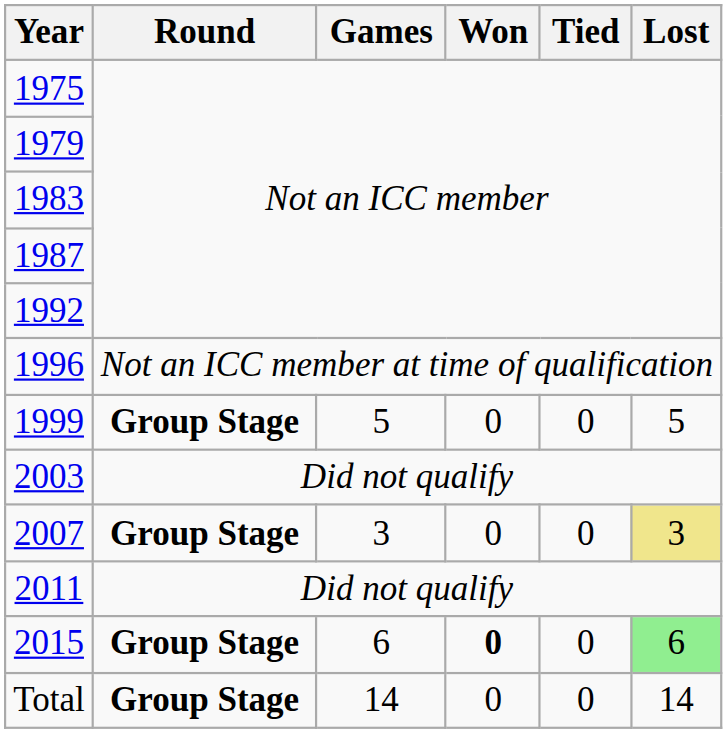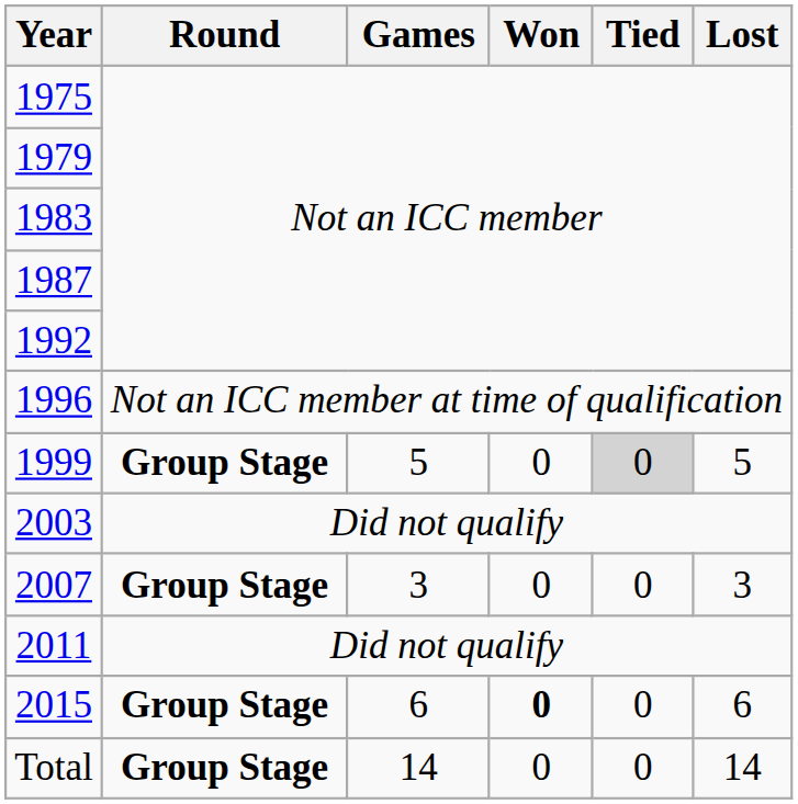 <table class="wikitable" style="text-align: center;">
 <tr>
 <th>Year</th>
 <th>Round</th>
 <th>Games</th>
 <th>Won</th>
 <th>Tied</th>
 <th>Lost</th>
 </tr>
 <tr>
 <td><a href='#'>1975</a></td>
 <td colspan="7" rowspan="5"><em>Not an ICC member</em></td>
 </tr>
 <tr>
 <td><a href='#'>1979</a></td>
 </tr>
 <tr>
 <td><a href='#'>1983</a></td>
 </tr>
 <tr>
 <td><a href='#'>1987</a></td>
 </tr>
 <tr>
 <td><a href='#'>1992</a></td>
 </tr>
 <tr>
 <td><a href='#'>1996</a></td>
 <td colspan="7"><em>Not an ICC member at time of qualification</em></td>
 </tr>
 <tr>
 <td><a href='#'>1999</a></td>
 <td><strong>Group Stage</strong></td>
 <td>5</td>
 <td>0</td>
-<td>0</td>
+<td style="background: lightgrey;">0</td>
 <td>5</td>
 </tr>
 <tr>
 <td><a href='#'>2003</a></td>
 <td colspan="7"><em>Did not qualify</em></td>
 </tr>
 <tr>
 <td><a href='#'>2007</a></td>
 <td><strong>Group Stage</strong></td>
 <td>3</td>
 <td>0</td>
 <td>0</td>
-<td style="background: khaki;">3</td>
+<td>3</td>
 </tr>
 <tr>
 <td><a href='#'>2011</a></td>
 <td colspan="7"><em>Did not qualify</em></td>
 </tr>
 <tr>
 <td><a href='#'>2015</a></td>
 <td><strong>Group Stage</strong></td>
 <td>6</td>
 <td><strong>0</strong></td>
 <td>0</td>
-<td style="background: lightgreen;">6</td>
+<td>6</td>
 </tr>
 <tr>
 <td>Total</td>
 <td><strong>Group Stage</strong></td>
 <td>14</td>
 <td>0</td>
 <td>0</td>
 <td>14</td>
 </tr>
 </table>
